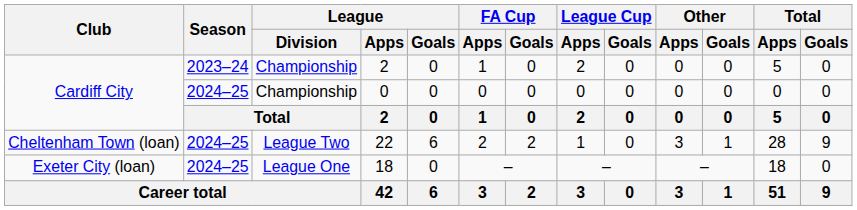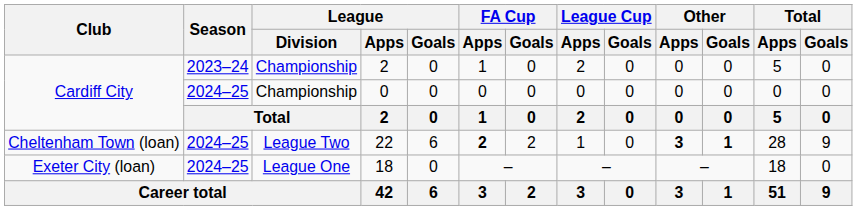 <table class=wikitable style=text-align:center>
 <tr>
 <th rowspan=2>Club</th>
 <th rowspan=2>Season</th>
 <th colspan=3>League</th>
 <th colspan=2><a href='#'>FA Cup</a></th>
 <th colspan=2><a href='#'>League Cup</a></th>
 <th colspan=2>Other</th>
 <th colspan=2>Total</th>
 </tr>
 <tr>
 <th>Division</th>
 <th>Apps</th>
 <th>Goals</th>
 <th>Apps</th>
 <th>Goals</th>
 <th>Apps</th>
 <th>Goals</th>
 <th>Apps</th>
 <th>Goals</th>
 <th>Apps</th>
 <th>Goals</th>
 </tr>
 <tr>
 <td rowspan=3><a href='#'>Cardiff City</a></td>
 <td><a href='#'>2023–24</a></td>
 <td><a href='#'>Championship</a></td>
 <td>2</td>
 <td>0</td>
 <td>1</td>
 <td>0</td>
 <td>2</td>
 <td>0</td>
 <td>0</td>
 <td>0</td>
 <td>5</td>
 <td>0</td>
 </tr>
 <tr>
 <td><a href='#'>2024–25</a></td>
 <td>Championship</td>
 <td>0</td>
 <td>0</td>
 <td>0</td>
 <td>0</td>
 <td>0</td>
 <td>0</td>
 <td>0</td>
 <td>0</td>
 <td>0</td>
 <td>0</td>
 </tr>
 <tr>
 <th colspan=2>Total</th>
 <th>2</th>
 <th>0</th>
 <th>1</th>
 <th>0</th>
 <th>2</th>
 <th>0</th>
 <th>0</th>
 <th>0</th>
 <th>5</th>
 <th>0</th>
 </tr>
 <tr>
 <td><a href='#'>Cheltenham Town</a> (loan)</td>
 <td><a href='#'>2024–25</a></td>
 <td><a href='#'>League Two</a></td>
 <td>22</td>
 <td>6</td>
-<td>2</td>
+<td><strong>2</strong></td>
 <td>2</td>
 <td>1</td>
 <td>0</td>
-<td>3</td>
-<td>1</td>
+<td><strong>3</strong></td>
+<td><strong>1</strong></td>
 <td>28</td>
 <td>9</td>
 </tr>
 <tr>
 <td><a href='#'>Exeter City</a> (loan)</td>
 <td><a href='#'>2024–25</a></td>
 <td><a href='#'>League One</a></td>
 <td>18</td>
 <td>0</td>
 <td colspan="2">–</td>
 <td colspan="2">–</td>
 <td colspan="2">–</td>
 <td>18</td>
 <td>0</td>
 </tr>
 <tr>
 <th colspan="3">Career total</th>
 <th>42</th>
 <th>6</th>
 <th>3</th>
 <th>2</th>
 <th>3</th>
 <th>0</th>
 <th>3</th>
 <th>1</th>
 <th>51</th>
 <th>9</th>
 </tr>
 </table>
